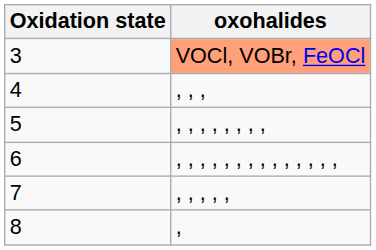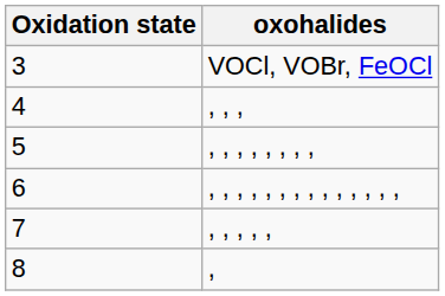 <table class="wikitable">
 <tr>
 <th>Oxidation state</th>
 <th>oxohalides</th>
 </tr>
 <tr>
 <td>3</td>
-<td style="background: lightsalmon;">VOCl, VOBr, <a href='#'>FeOCl</a></td>
+<td>VOCl, VOBr, <a href='#'>FeOCl</a></td>
 </tr>
 <tr>
 <td>4</td>
 <td>, , , </td>
 </tr>
 <tr>
 <td>5</td>
 <td>, , , , , , , , </td>
 </tr>
 <tr>
 <td>6</td>
 <td>, , , , , , , , , , , , , , </td>
 </tr>
 <tr>
 <td>7</td>
 <td>, , , , , </td>
 </tr>
 <tr>
 <td>8</td>
 <td>, </td>
 </tr>
 </table>
